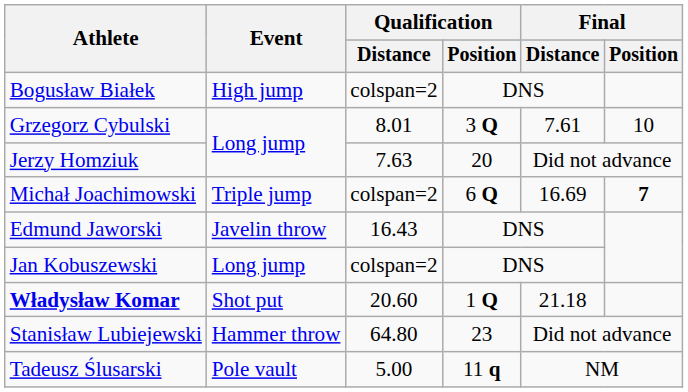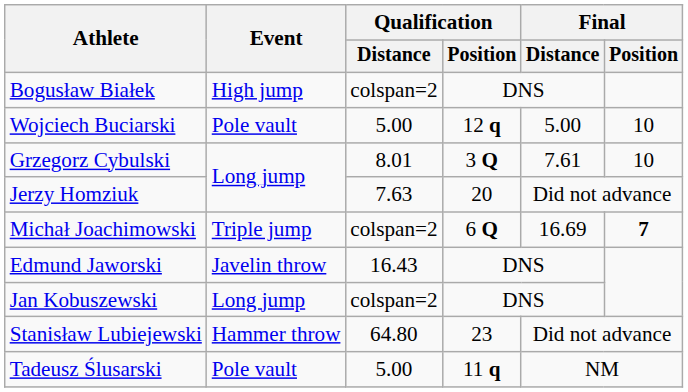 <table class=wikitable style="font-size:90%">
 <tr>
 <th rowspan="2">Athlete</th>
 <th rowspan="2">Event</th>
 <th colspan="2">Qualification</th>
 <th colspan="2">Final</th>
 </tr>
 <tr style="font-size:95%">
 <th>Distance</th>
 <th>Position</th>
 <th>Distance</th>
 <th>Position</th>
 </tr>
 <tr align=center>
 <td align=left><a href='#'>Bogusław Białek</a></td>
 <td align=left><a href='#'>High jump</a></td>
 <td>colspan=2 </td>
 <td colspan=2>DNS</td>
+</tr>
+<tr align=center>
+<td align=left><a href='#'>Wojciech Buciarski</a></td>
+<td align=left><a href='#'>Pole vault</a></td>
+<td>5.00</td>
+<td>12 <strong>q</strong></td>
+<td>5.00</td>
+<td>10</td>
 </tr>
 <tr align=center>
 <td align=left><a href='#'>Grzegorz Cybulski</a></td>
 <td style="text-align:left;" rowspan="2"><a href='#'>Long jump</a></td>
 <td>8.01</td>
 <td>3 <strong>Q</strong></td>
 <td>7.61</td>
 <td>10</td>
 </tr>
 <tr align=center>
 <td align=left><a href='#'>Jerzy Homziuk</a></td>
 <td>7.63</td>
 <td>20</td>
 <td colspan=2>Did not advance</td>
 </tr>
 <tr align=center>
 <td align=left><a href='#'>Michał Joachimowski</a></td>
 <td align=left><a href='#'>Triple jump</a></td>
 <td>colspan=2 </td>
 <td>6 <strong>Q</strong></td>
 <td>16.69</td>
 <td><strong>7</strong></td>
 </tr>
 <tr align=center>
 <td align=left><a href='#'>Edmund Jaworski</a></td>
 <td align=left><a href='#'>Javelin throw</a></td>
 <td>16.43</td>
 <td colspan=2>DNS</td>
 </tr>
 <tr align=center>
 <td align=left><a href='#'>Jan Kobuszewski</a></td>
 <td align=left><a href='#'>Long jump</a></td>
 <td>colspan=2 </td>
 <td colspan=2>DNS</td>
 </tr>
 <tr align=center>
-<td align=left><strong><a href='#'>Władysław Komar</a></strong></td>
-<td align=left><a href='#'>Shot put</a></td>
-<td>20.60</td>
-<td>1 <strong>Q</strong></td>
-<td>21.18</td>
-<td></td>
-</tr>
-<tr align=center>
 <td align=left><a href='#'>Stanisław Lubiejewski</a></td>
 <td align=left><a href='#'>Hammer throw</a></td>
 <td>64.80</td>
 <td>23</td>
 <td colspan=2>Did not advance</td>
 </tr>
 <tr align=center>
 <td align=left><a href='#'>Tadeusz Ślusarski</a></td>
 <td align=left><a href='#'>Pole vault</a></td>
 <td>5.00</td>
 <td>11 <strong>q</strong></td>
 <td colspan=2>NM</td>
 </tr>
 </table>
